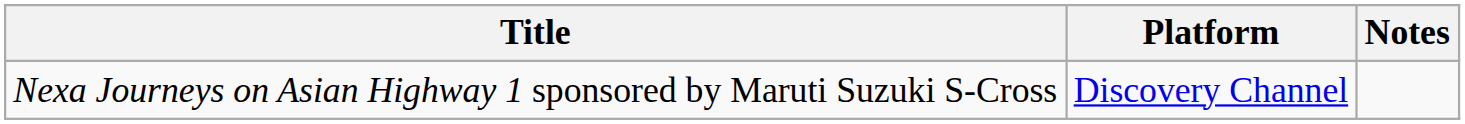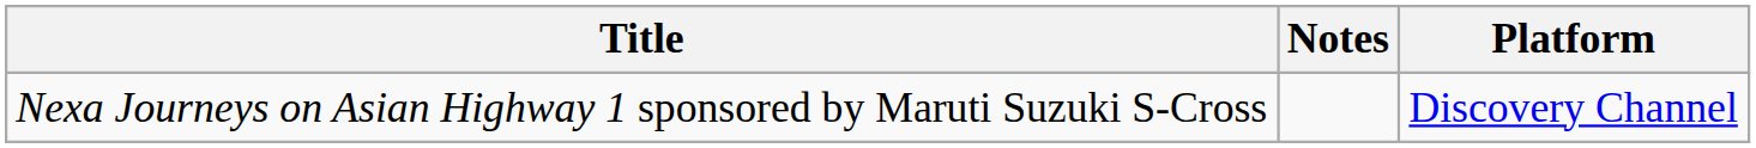 <table class="wikitable">
 <tr>
 <th>Title</th>
+<th>Notes</th>
 <th>Platform</th>
-<th>Notes</th>
 </tr>
 <tr>
 <td><em>Nexa Journeys on Asian Highway 1</em> sponsored by Maruti Suzuki S-Cross</td>
+<td></td>
 <td><a href='#'>Discovery Channel</a></td>
-<td></td>
 </tr>
 </table>
